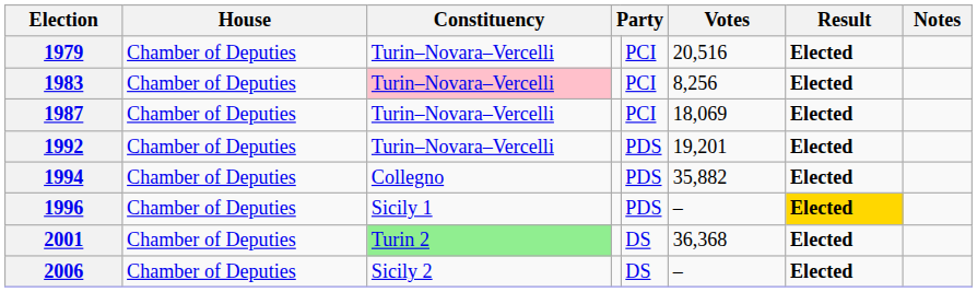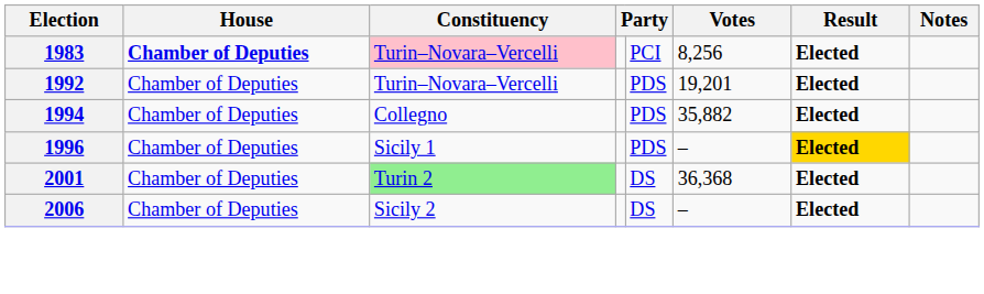 <table class=wikitable style="width:62%; border:1px #AAAAFF solid">
 <tr>
 <th width=12%>Election</th>
 <th width=25%>House</th>
 <th width=25%>Constituency</th>
 <th width=5% colspan="2">Party</th>
 <th width=12%>Votes</th>
 <th width=12%>Result</th>
 <th width=7%>Notes</th>
 </tr>
 <tr>
-<th><a href='#'>1979</a></th>
-<td><a href='#'>Chamber of Deputies</a></td>
-<td><a href='#'>Turin–Novara–Vercelli</a></td>
-<td></td>
-<td><a href='#'>PCI</a></td>
-<td>20,516</td>
-<td> <strong>Elected</strong></td>
-<td></td>
-</tr>
-<tr>
 <th><a href='#'>1983</a></th>
-<td><a href='#'>Chamber of Deputies</a></td>
+<td><strong><a href='#'>Chamber of Deputies</a></strong></td>
 <td style="background: pink;"><a href='#'>Turin–Novara–Vercelli</a></td>
 <td></td>
 <td><a href='#'>PCI</a></td>
 <td>8,256</td>
-<td> <strong>Elected</strong></td>
-<td></td>
-</tr>
-<tr>
-<th><a href='#'>1987</a></th>
-<td><a href='#'>Chamber of Deputies</a></td>
-<td><a href='#'>Turin–Novara–Vercelli</a></td>
-<td></td>
-<td><a href='#'>PCI</a></td>
-<td>18,069</td>
 <td> <strong>Elected</strong></td>
 <td></td>
 </tr>
 <tr>
 <th><a href='#'>1992</a></th>
 <td><a href='#'>Chamber of Deputies</a></td>
 <td><a href='#'>Turin–Novara–Vercelli</a></td>
 <td></td>
 <td><a href='#'>PDS</a></td>
 <td>19,201</td>
 <td> <strong>Elected</strong></td>
 <td></td>
 </tr>
 <tr>
 <th><a href='#'>1994</a></th>
 <td><a href='#'>Chamber of Deputies</a></td>
 <td><a href='#'>Collegno</a></td>
 <td></td>
 <td><a href='#'>PDS</a></td>
 <td>35,882</td>
 <td> <strong>Elected</strong></td>
 <td></td>
 </tr>
 <tr>
 <th><a href='#'>1996</a></th>
 <td><a href='#'>Chamber of Deputies</a></td>
 <td><a href='#'>Sicily 1</a></td>
 <td></td>
 <td><a href='#'>PDS</a></td>
 <td>–</td>
 <td style="background: gold;"> <strong>Elected</strong></td>
 <td></td>
 </tr>
 <tr>
 <th><a href='#'>2001</a></th>
 <td><a href='#'>Chamber of Deputies</a></td>
 <td style="background: lightgreen;"><a href='#'>Turin 2</a></td>
 <td></td>
 <td><a href='#'>DS</a></td>
 <td>36,368</td>
 <td> <strong>Elected</strong></td>
 <td></td>
 </tr>
 <tr>
 <th><a href='#'>2006</a></th>
 <td><a href='#'>Chamber of Deputies</a></td>
 <td><a href='#'>Sicily 2</a></td>
 <td></td>
 <td><a href='#'>DS</a></td>
 <td>–</td>
 <td> <strong>Elected</strong></td>
 <td></td>
 </tr>
 <tr>
 </tr>
 </table>
